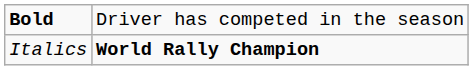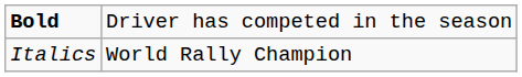 <table class="wikitable">
 <tr>
 <td><strong>Bold</strong></td>
 <td>Driver has competed in the  season</td>
 </tr>
 <tr>
 <td><em>Italics</em></td>
-<td><strong>World Rally Champion</strong></td>
+<td>World Rally Champion</td>
 </tr>
 </table>
